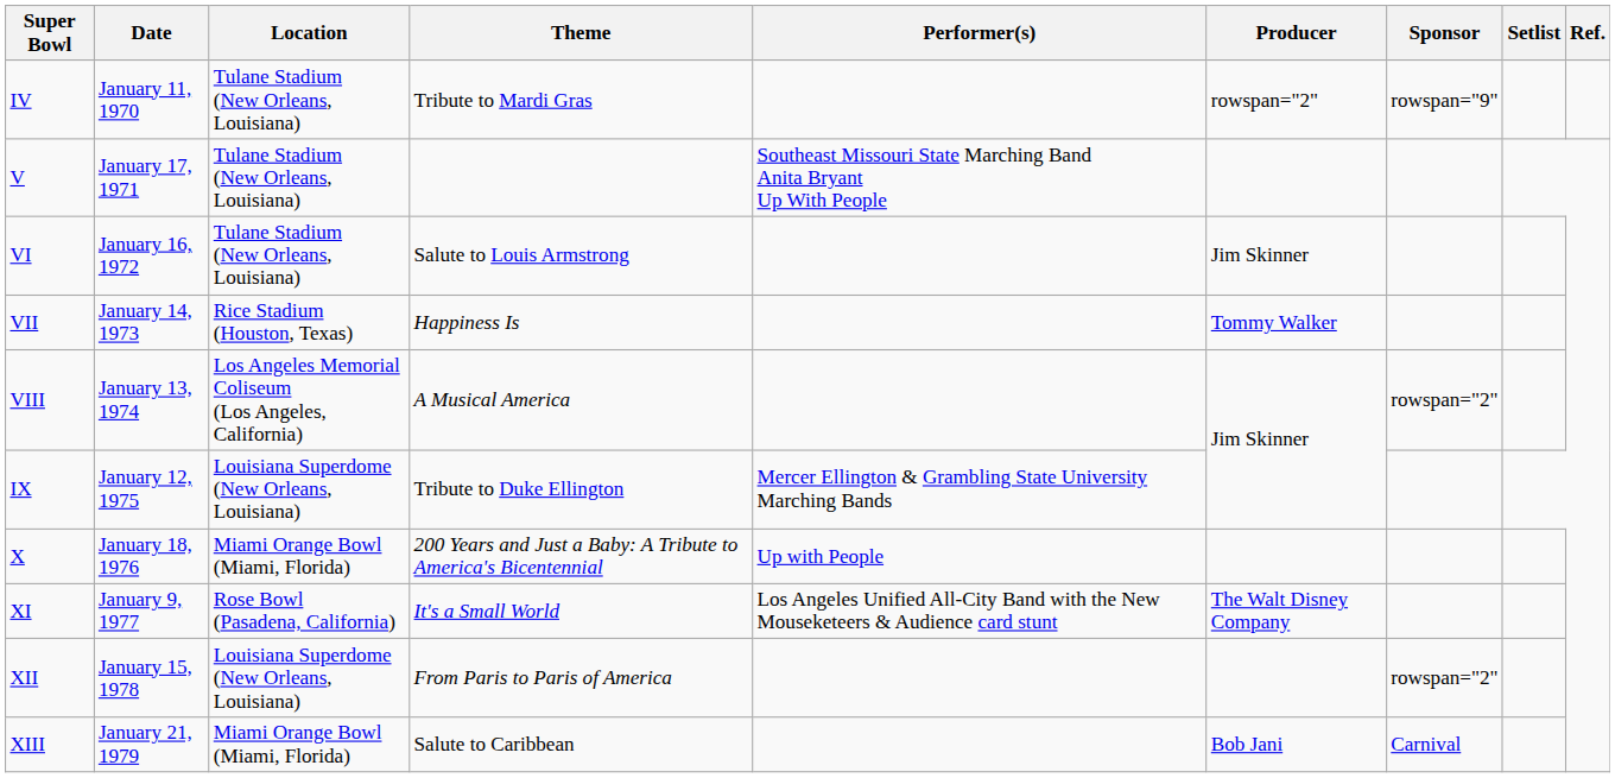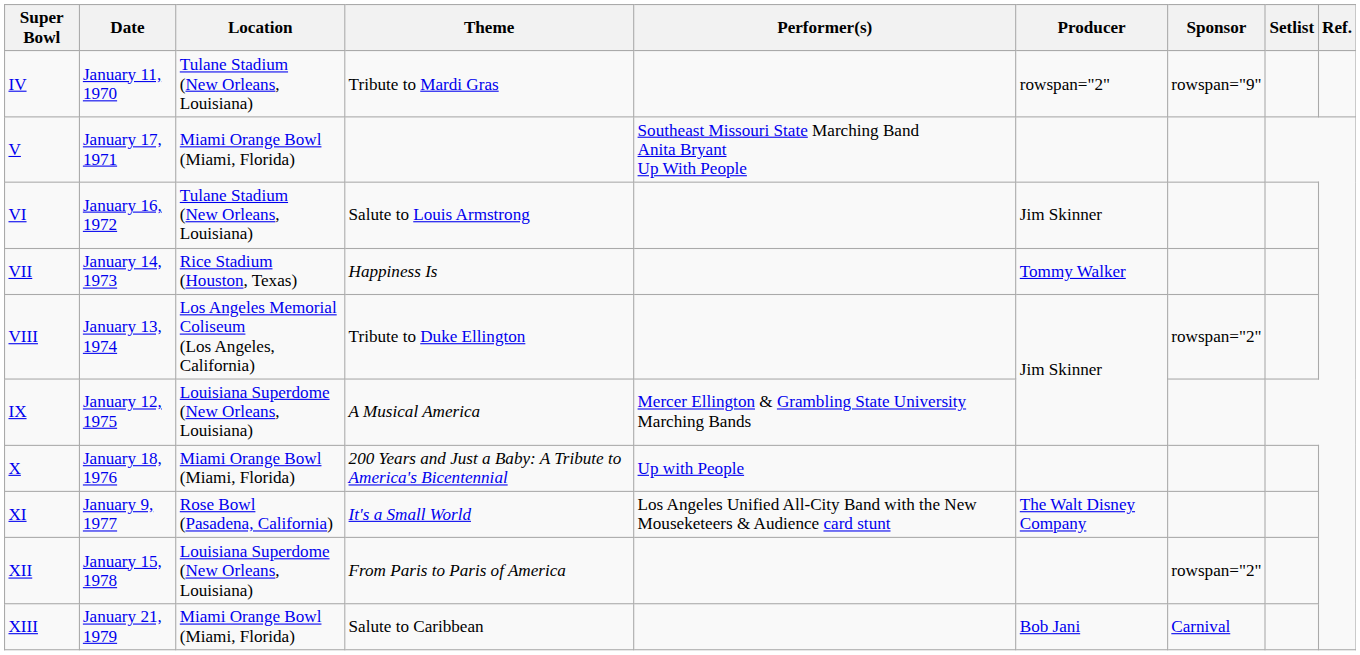 <table class="wikitable" style="width: 100%; ">
 <tr>
 <th>Super Bowl</th>
 <th>Date</th>
 <th>Location</th>
 <th>Theme</th>
 <th>Performer(s)</th>
 <th>Producer</th>
 <th>Sponsor</th>
 <th>Setlist</th>
 <th>Ref.</th>
 </tr>
 <tr>
 <td><a href='#'>IV</a></td>
 <td><a href='#'>January 11, 1970</a></td>
 <td><a href='#'>Tulane Stadium</a><br>(<a href='#'>New Orleans</a>, Louisiana)</td>
 <td>Tribute to <a href='#'>Mardi Gras</a></td>
 <td></td>
 <td>rowspan="2" </td>
 <td>rowspan="9" </td>
 <td></td>
 <td></td>
 </tr>
 <tr>
 <td><a href='#'>V</a><br></td>
 <td><a href='#'>January 17, 1971</a></td>
-<td><a href='#'>Tulane Stadium</a><br>(<a href='#'>New Orleans</a>, Louisiana)</td>
+<td><a href='#'>Miami Orange Bowl</a><br>(Miami, Florida)</td>
 <td></td>
 <td><a href='#'>Southeast Missouri State</a> Marching Band<br><a href='#'>Anita Bryant</a><br><a href='#'>Up With People</a></td>
 <td></td>
 <td></td>
 </tr>
 <tr>
 <td><a href='#'>VI</a></td>
 <td><a href='#'>January 16, 1972</a></td>
 <td><a href='#'>Tulane Stadium</a><br>(<a href='#'>New Orleans</a>, Louisiana)</td>
 <td>Salute to <a href='#'>Louis Armstrong</a></td>
 <td></td>
 <td>Jim Skinner</td>
 <td></td>
 <td></td>
 </tr>
 <tr>
 <td><a href='#'>VII</a></td>
 <td><a href='#'>January 14, 1973</a></td>
 <td><a href='#'>Rice Stadium</a><br>(<a href='#'>Houston</a>, Texas)</td>
 <td><em>Happiness Is</em></td>
 <td></td>
 <td><a href='#'>Tommy Walker</a></td>
 <td></td>
 <td></td>
 </tr>
 <tr>
 <td><a href='#'>VIII</a></td>
 <td><a href='#'>January 13, 1974</a></td>
 <td><a href='#'>Los Angeles Memorial Coliseum</a><br>(Los Angeles, California)</td>
-<td><em>A Musical America</em></td>
+<td>Tribute to <a href='#'>Duke Ellington</a></td>
 <td></td>
 <td rowspan="2">Jim Skinner</td>
 <td>rowspan="2" </td>
 <td></td>
 </tr>
 <tr>
 <td><a href='#'>IX</a></td>
 <td><a href='#'>January 12, 1975</a></td>
 <td><a href='#'>Louisiana Superdome</a><br>(<a href='#'>New Orleans</a>, Louisiana)</td>
-<td>Tribute to <a href='#'>Duke Ellington</a></td>
+<td><em>A Musical America</em></td>
 <td><a href='#'>Mercer Ellington</a> & <a href='#'>Grambling State University</a> Marching Bands</td>
 <td></td>
 </tr>
 <tr>
 <td><a href='#'>X</a><br></td>
 <td><a href='#'>January 18, 1976</a></td>
 <td><a href='#'>Miami Orange Bowl</a><br>(Miami, Florida)</td>
 <td><em>200 Years and Just a Baby: A Tribute to <a href='#'>America's Bicentennial</a></em></td>
 <td><a href='#'>Up with People</a></td>
 <td></td>
 <td></td>
 <td></td>
 </tr>
 <tr>
 <td><a href='#'>XI</a></td>
 <td><a href='#'>January 9, 1977</a></td>
 <td><a href='#'>Rose Bowl</a><br>(<a href='#'>Pasadena, California</a>)</td>
 <td><em><a href='#'>It's a Small World</a></em></td>
 <td>Los Angeles Unified All-City Band with the New Mouseketeers & Audience <a href='#'>card stunt</a></td>
 <td><a href='#'>The Walt Disney Company</a></td>
 <td></td>
 <td></td>
 </tr>
 <tr>
 <td><a href='#'>XII</a></td>
 <td><a href='#'>January 15, 1978</a></td>
 <td><a href='#'>Louisiana Superdome</a><br>(<a href='#'>New Orleans</a>, Louisiana)</td>
 <td><em>From Paris to Paris of America</em></td>
 <td></td>
 <td></td>
 <td>rowspan="2"</td>
 <td></td>
 </tr>
 <tr>
 <td><a href='#'>XIII</a></td>
 <td><a href='#'>January 21, 1979</a></td>
 <td><a href='#'>Miami Orange Bowl</a><br>(Miami, Florida)</td>
 <td>Salute to Caribbean</td>
 <td></td>
 <td><a href='#'>Bob Jani</a></td>
 <td><a href='#'>Carnival</a></td>
 <td></td>
 </tr>
 </table>
